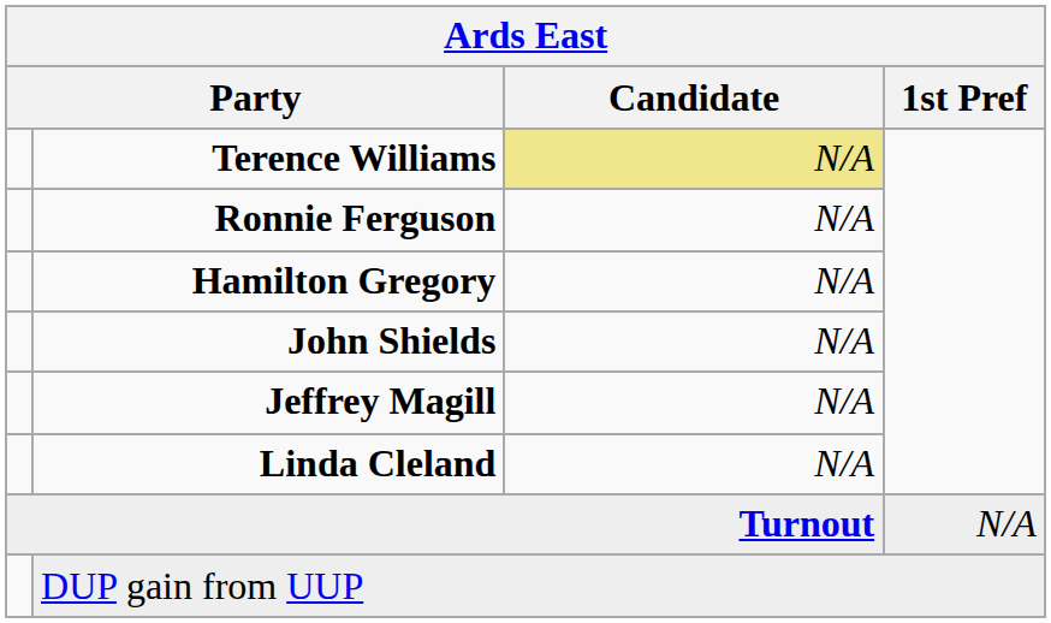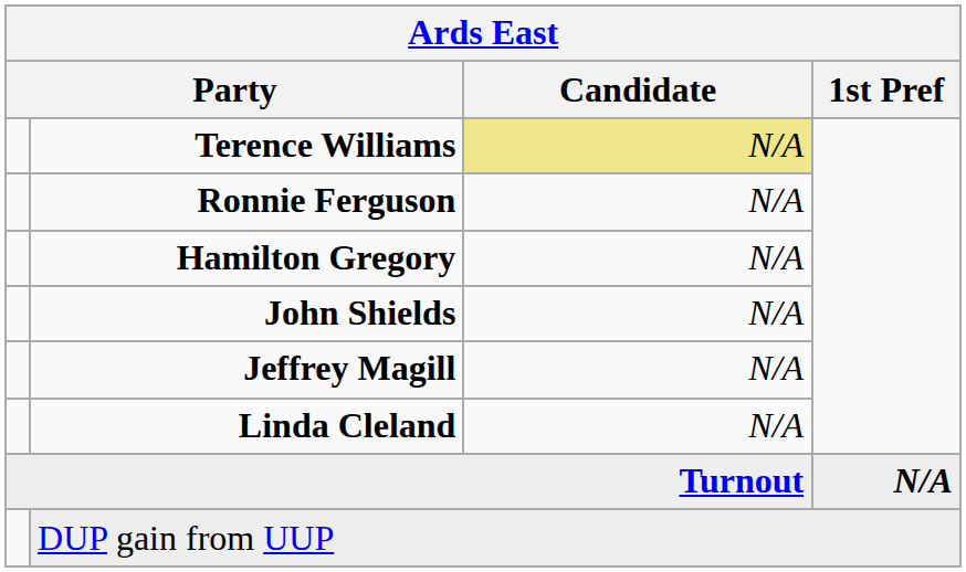 <table class="wikitable">
 <tr>
 <th colspan="4" align="center"><a href='#'>Ards East</a></th>
 </tr>
 <tr>
 <th colspan="2" align="center" width=200>Party</th>
 <th width=150>Candidate</th>
 <th width=60>1st Pref</th>
 </tr>
 <tr>
 <td></td>
 <td align="right"><strong>Terence Williams</strong></td>
 <td align="right" style="background: khaki;"><em>N/A</em></td>
 </tr>
 <tr>
 <td></td>
 <td align="right"><strong>Ronnie Ferguson</strong></td>
 <td align="right"><em>N/A</em></td>
 </tr>
 <tr>
 <td></td>
 <td align="right"><strong>Hamilton Gregory</strong></td>
 <td align="right"><em>N/A</em></td>
 </tr>
 <tr>
 <td></td>
 <td align="right"><strong>John Shields</strong></td>
 <td align="right"><em>N/A</em></td>
 </tr>
 <tr>
 <td></td>
 <td align="right"><strong>Jeffrey Magill</strong></td>
 <td align="right"><em>N/A</em></td>
 </tr>
 <tr>
 <td></td>
 <td align="right"><strong>Linda Cleland</strong></td>
 <td align="right"><em>N/A</em></td>
 </tr>
 <tr>
 </tr>
 <tr bgcolor="EEEEEE">
 <td colspan=3 align="right"><strong><a href='#'>Turnout</a></strong></td>
-<td align="right"><em>N/A</em></td>
+<td align="right"><strong><em>N/A</em></strong></td>
 </tr>
 <tr>
 <td bgcolor=></td>
 <td colspan=3 bgcolor="EEEEEE"><a href='#'>DUP</a> gain from <a href='#'>UUP</a></td>
 </tr>
 </table>
